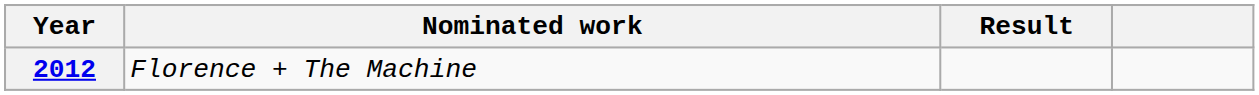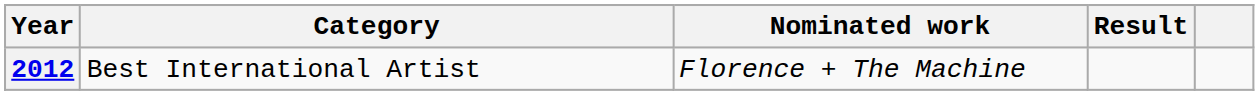 <table class="wikitable plainrowheaders" style="width:70%;">
 <tr>
 <th scope="col" style="width:4%;">Year</th>
+<th scope="col" style="width:50%;">Category</th>
 <th scope="col" style="width:35%;">Nominated work</th>
 <th scope="col" style="width:6%;">Result</th>
 <th scope="col" style="width:6%;"></th>
 </tr>
 <tr>
 <th scope="row"><a href='#'>2012</a></th>
+<td>Best International Artist</td>
 <td><em>Florence + The Machine</em></td>
 <td></td>
 <td style="text-align:center;"></td>
 </tr>
 </table>
